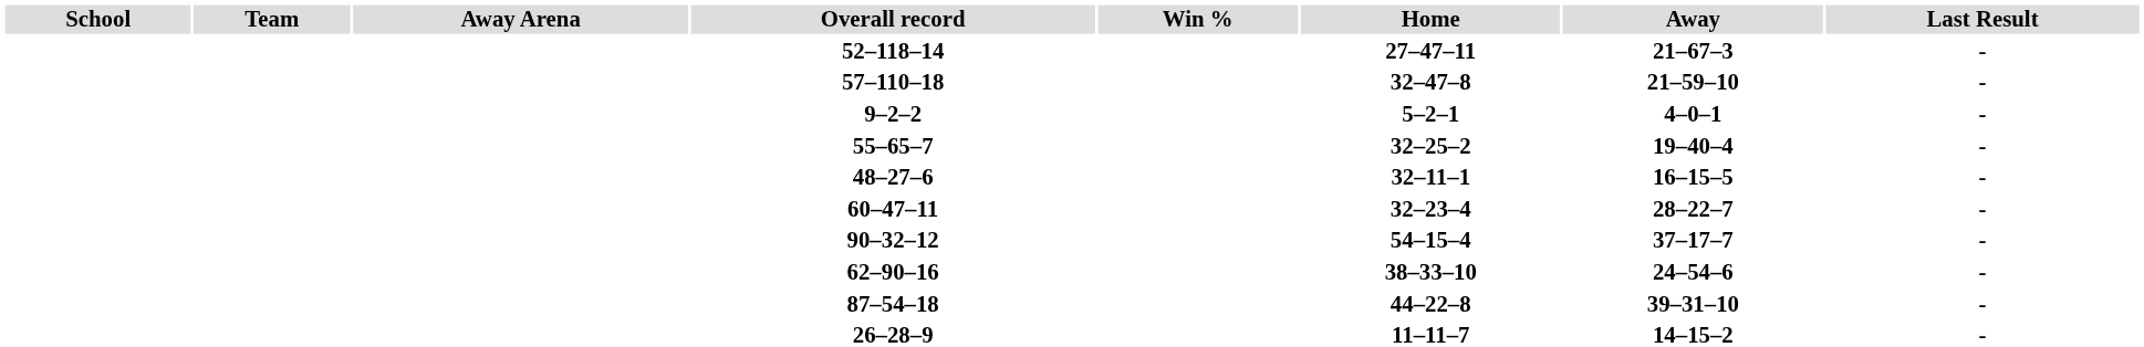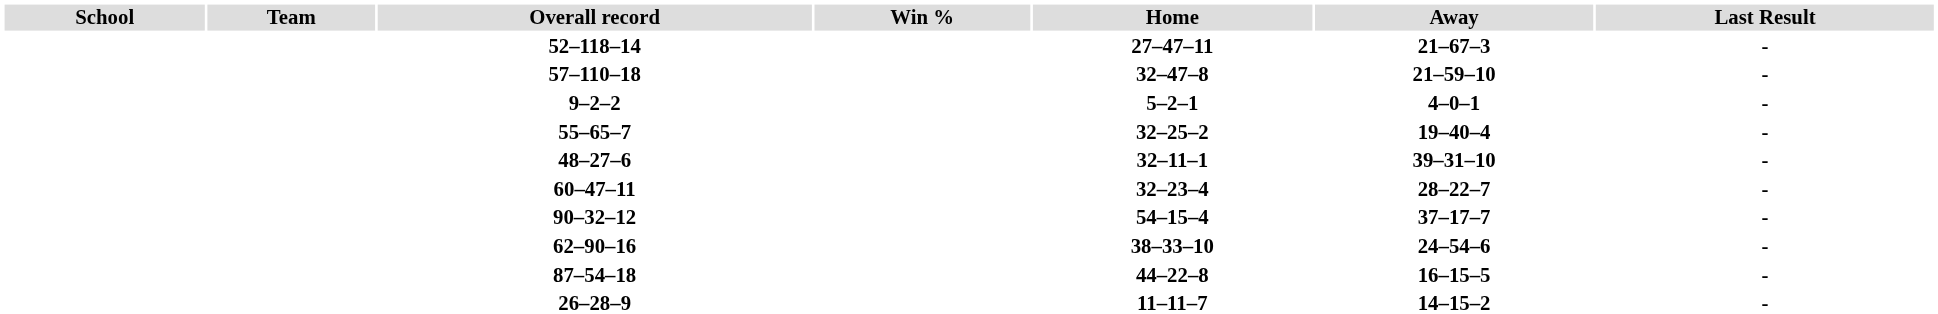 <table width="75%">
 <tr align="center"  bgcolor="#dddddd">
 <th>School</th>
 <th>Team</th>
-<th>Away Arena</th>
 <th>Overall record</th>
 <th>Win %</th>
 <th>Home</th>
 <th>Away</th>
 <th>Last Result</th>
 </tr>
 <tr align="center">
 <td><strong><a href='#'></a></strong></td>
 <td><strong><a href='#'></a></strong></td>
-<td><strong><a href='#'></a> </strong></td>
 <td><strong>52–118–14</strong></td>
 <td><strong></strong></td>
 <td><strong>27–47–11</strong></td>
 <td><strong>21–67–3</strong></td>
 <td><strong>-</strong></td>
 </tr>
 <tr align="center">
 <td><strong><a href='#'></a></strong></td>
 <td><strong><a href='#'></a></strong></td>
-<td><strong><a href='#'></a> </strong></td>
 <td><strong>57–110–18</strong></td>
 <td><strong></strong></td>
 <td><strong>32–47–8</strong></td>
 <td><strong>21–59–10</strong></td>
 <td><strong>-</strong></td>
 </tr>
 <tr align="center">
 <td><strong><a href='#'></a></strong></td>
 <td><strong><a href='#'></a></strong></td>
-<td><strong><a href='#'></a> </strong></td>
 <td><strong>9–2–2</strong></td>
 <td><strong></strong></td>
 <td><strong>5–2–1</strong></td>
 <td><strong>4–0–1</strong></td>
 <td><strong>-</strong></td>
 </tr>
 <tr align="center">
 <td><strong><a href='#'></a></strong></td>
 <td><strong><a href='#'></a></strong></td>
-<td><strong><a href='#'></a> </strong></td>
 <td><strong>55–65–7</strong></td>
 <td><strong></strong></td>
 <td><strong>32–25–2</strong></td>
 <td><strong>19–40–4</strong></td>
 <td><strong>-</strong></td>
 </tr>
 <tr align="center">
 <td><strong><a href='#'></a></strong></td>
 <td><strong><a href='#'></a></strong></td>
-<td><strong><a href='#'></a></strong></td>
 <td><strong>48–27–6</strong></td>
 <td><strong></strong></td>
 <td><strong>32–11–1</strong></td>
-<td><strong>16–15–5</strong></td>
+<td><strong>39–31–10</strong></td>
 <td><strong>-</strong></td>
 </tr>
 <tr align="center">
-<td><strong><a href='#'></a></strong></td>
 <td><strong><a href='#'></a></strong></td>
 <td><strong><a href='#'></a></strong></td>
 <td><strong>60–47–11</strong></td>
 <td><strong></strong></td>
 <td><strong>32–23–4</strong></td>
 <td><strong>28–22–7</strong></td>
 <td><strong>-</strong></td>
 </tr>
 <tr align="center">
 <td><strong><a href='#'></a></strong></td>
 <td><strong><a href='#'></a></strong></td>
-<td><strong><a href='#'></a></strong></td>
 <td><strong>90–32–12</strong></td>
 <td><strong></strong></td>
 <td><strong>54–15–4</strong></td>
 <td><strong>37–17–7</strong></td>
 <td><strong>-</strong></td>
 </tr>
 <tr align="center">
-<td><strong><a href='#'></a></strong></td>
 <td><strong><a href='#'></a></strong></td>
 <td><strong><a href='#'></a></strong></td>
 <td><strong>62–90–16</strong></td>
 <td><strong></strong></td>
 <td><strong>38–33–10</strong></td>
 <td><strong>24–54–6</strong></td>
 <td><strong>-</strong></td>
 </tr>
 <tr align="center">
 <td><strong><a href='#'></a></strong></td>
 <td><strong><a href='#'></a></strong></td>
-<td><strong><a href='#'></a></strong></td>
 <td><strong>87–54–18</strong></td>
 <td><strong></strong></td>
 <td><strong>44–22–8</strong></td>
-<td><strong>39–31–10</strong></td>
+<td><strong>16–15–5</strong></td>
 <td><strong>-</strong></td>
 </tr>
 <tr align="center">
-<td><strong><a href='#'></a></strong></td>
 <td><strong><a href='#'></a></strong></td>
 <td><strong><a href='#'></a></strong></td>
 <td><strong>26–28–9</strong></td>
 <td><strong></strong></td>
 <td><strong>11–11–7</strong></td>
 <td><strong>14–15–2</strong></td>
 <td><strong>-</strong></td>
 </tr>
 </table>
